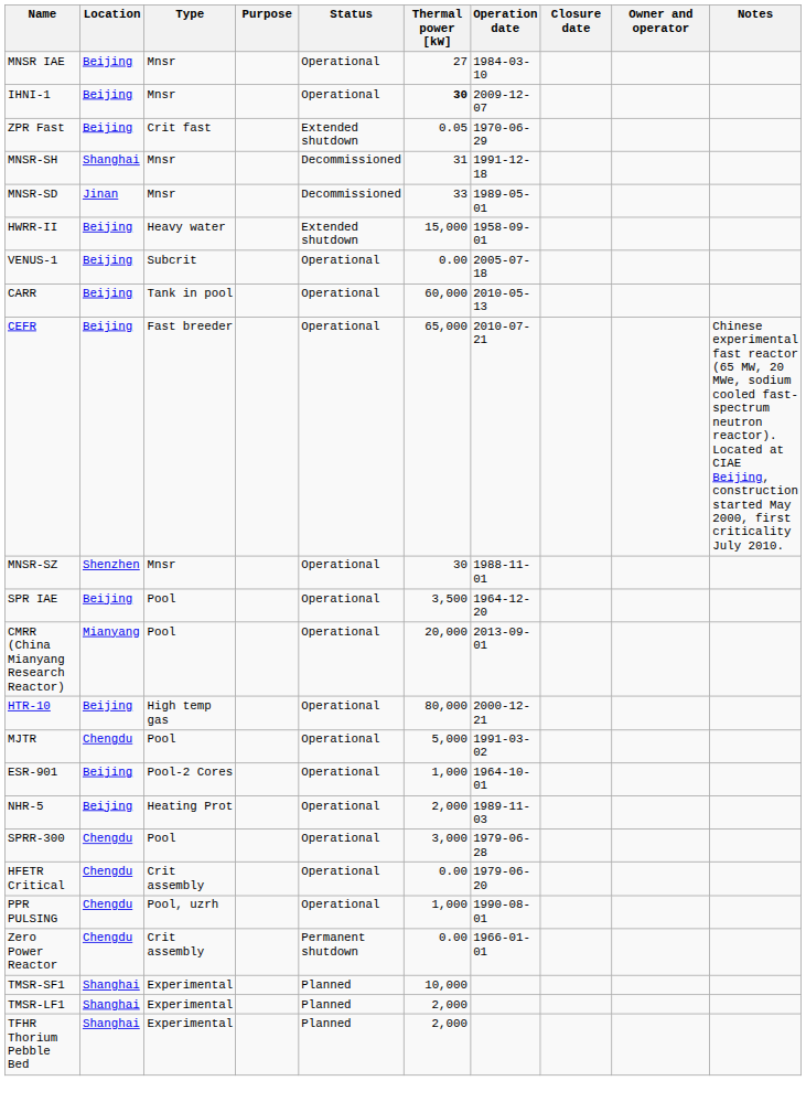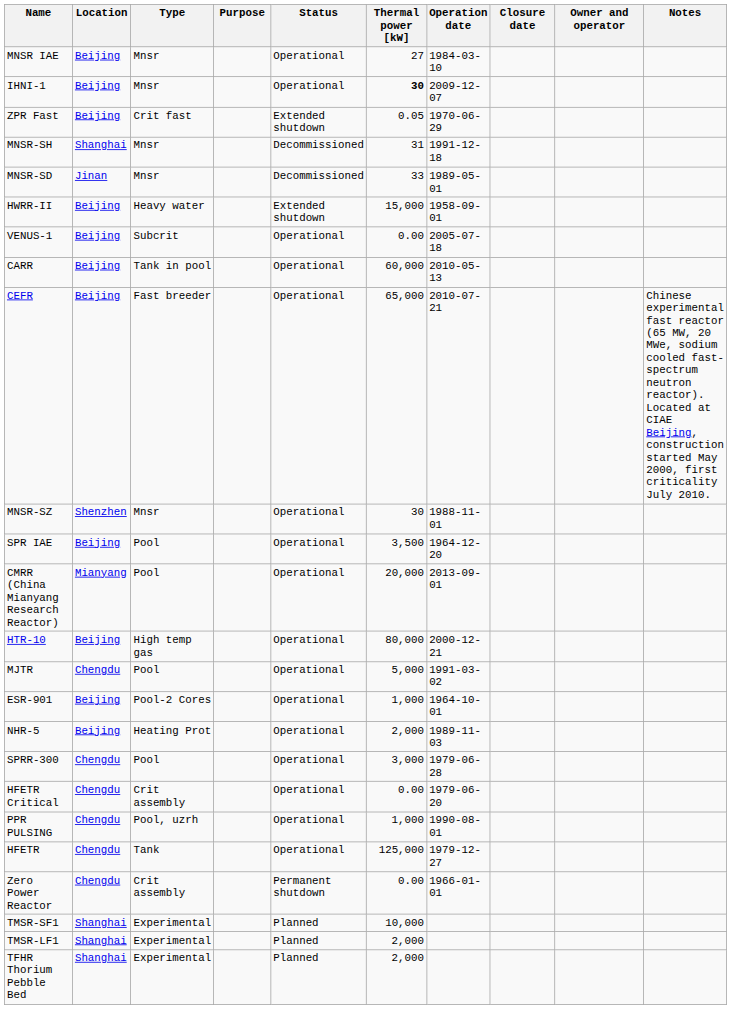 <table class="wikitable" >
 <tr valign="top">
 <th width="80">Name</th>
 <th width="65">Location</th>
 <th width="76">Type</th>
 <th width="65">Purpose</th>
 <th width="91">Status</th>
 <th width="70“">Thermal power [kW]</th>
 <th width=„67“>Operation date</th>
 <th width="78“">Closure date</th>
 <th width="113“">Owner and operator</th>
 <th width="65">Notes</th>
 </tr>
 <tr valign="top">
 <td>MNSR IAE</td>
 <td><a href='#'>Beijing</a></td>
 <td>Mnsr</td>
 <td></td>
 <td>Operational</td>
 <td align="right">27</td>
 <td>1984-03-10</td>
 <td></td>
 <td></td>
 <td></td>
 </tr>
 <tr valign="top">
 <td>IHNI-1</td>
 <td><a href='#'>Beijing</a></td>
 <td>Mnsr</td>
 <td></td>
 <td>Operational</td>
 <td align="right"><strong>30</strong></td>
 <td>2009-12-07</td>
 <td></td>
 <td></td>
 <td></td>
 </tr>
 <tr valign="top">
 <td>ZPR Fast</td>
 <td><a href='#'>Beijing</a></td>
 <td>Crit fast</td>
 <td></td>
 <td>Extended shutdown</td>
 <td align="right">0.05</td>
 <td>1970-06-29</td>
 <td></td>
 <td></td>
 <td></td>
 </tr>
 <tr valign="top">
 <td>MNSR-SH</td>
 <td><a href='#'>Shanghai</a></td>
 <td>Mnsr</td>
 <td></td>
 <td>Decommissioned</td>
 <td align="right">31</td>
 <td>1991-12-18</td>
 <td></td>
 <td></td>
 <td></td>
 </tr>
 <tr valign="top">
 <td>MNSR-SD</td>
 <td><a href='#'>Jinan</a></td>
 <td>Mnsr</td>
 <td></td>
 <td>Decommissioned</td>
 <td align="right">33</td>
 <td>1989-05-01</td>
 <td></td>
 <td></td>
 <td></td>
 </tr>
 <tr valign="top">
 <td>HWRR-II</td>
 <td><a href='#'>Beijing</a></td>
 <td>Heavy water</td>
 <td></td>
 <td>Extended shutdown</td>
 <td align="right">15,000</td>
 <td>1958-09-01</td>
 <td></td>
 <td></td>
 <td></td>
 </tr>
 <tr valign="top">
 <td>VENUS-1</td>
 <td><a href='#'>Beijing</a></td>
 <td>Subcrit</td>
 <td></td>
 <td>Operational</td>
 <td align="right">0.00</td>
 <td>2005-07-18</td>
 <td></td>
 <td></td>
 <td></td>
 </tr>
 <tr valign="top">
 <td>CARR</td>
 <td><a href='#'>Beijing</a></td>
 <td>Tank in pool</td>
 <td></td>
 <td>Operational</td>
 <td align="right">60,000</td>
 <td>2010-05-13</td>
 <td></td>
 <td></td>
 <td></td>
 </tr>
 <tr valign="top">
 <td><a href='#'>CEFR</a></td>
 <td><a href='#'>Beijing</a></td>
 <td>Fast breeder</td>
 <td></td>
 <td>Operational</td>
 <td align="right">65,000</td>
 <td>2010-07-21</td>
 <td></td>
 <td></td>
 <td align="left">Chinese experimental fast reactor (65 MW, 20 MWe, sodium cooled fast-spectrum neutron reactor). Located at CIAE <a href='#'>Beijing</a>, construction started May 2000, first criticality July 2010.</td>
 </tr>
 <tr valign="top">
 <td>MNSR-SZ</td>
 <td><a href='#'>Shenzhen</a></td>
 <td>Mnsr</td>
 <td></td>
 <td>Operational</td>
 <td align="right">30</td>
 <td>1988-11-01</td>
 <td></td>
 <td></td>
 <td></td>
 </tr>
 <tr valign="top">
 <td>SPR IAE</td>
 <td><a href='#'>Beijing</a></td>
 <td>Pool</td>
 <td></td>
 <td>Operational</td>
 <td align="right">3,500</td>
 <td>1964-12-20</td>
 <td></td>
 <td></td>
 <td></td>
 </tr>
 <tr valign="top">
 <td>CMRR (China Mianyang Research Reactor)</td>
 <td><a href='#'>Mianyang</a></td>
 <td>Pool</td>
 <td></td>
 <td>Operational</td>
 <td align="right">20,000</td>
 <td>2013-09-01</td>
 <td></td>
 <td></td>
 <td></td>
 </tr>
 <tr valign="top">
 <td><a href='#'>HTR-10</a></td>
 <td><a href='#'>Beijing</a></td>
 <td>High temp gas</td>
 <td></td>
 <td>Operational</td>
 <td align="right">80,000</td>
 <td>2000-12-21</td>
 <td></td>
 <td></td>
 <td></td>
 </tr>
 <tr valign="top">
 <td>MJTR</td>
 <td><a href='#'>Chengdu</a></td>
 <td>Pool</td>
 <td></td>
 <td>Operational</td>
 <td align="right">5,000</td>
 <td>1991-03-02</td>
 <td></td>
 <td></td>
 <td></td>
 </tr>
 <tr valign="top">
 <td>ESR-901</td>
 <td><a href='#'>Beijing</a></td>
 <td>Pool-2 Cores</td>
 <td></td>
 <td>Operational</td>
 <td align="right">1,000</td>
 <td>1964-10-01</td>
 <td></td>
 <td></td>
 <td></td>
 </tr>
 <tr valign="top">
 <td>NHR-5</td>
 <td><a href='#'>Beijing</a></td>
 <td>Heating Prot</td>
 <td></td>
 <td>Operational</td>
 <td align="right">2,000</td>
 <td>1989-11-03</td>
 <td></td>
 <td></td>
 <td></td>
 </tr>
 <tr valign="top">
 <td>SPRR-300</td>
 <td><a href='#'>Chengdu</a></td>
 <td>Pool</td>
 <td></td>
 <td>Operational</td>
 <td align="right">3,000</td>
 <td>1979-06-28</td>
 <td></td>
 <td></td>
 <td></td>
 </tr>
 <tr valign="top">
 <td>HFETR Critical</td>
 <td><a href='#'>Chengdu</a></td>
 <td>Crit assembly</td>
 <td></td>
 <td>Operational</td>
 <td align="right">0.00</td>
 <td>1979-06-20</td>
 <td></td>
 <td></td>
 <td></td>
 </tr>
 <tr valign="top">
 <td>PPR PULSING</td>
 <td><a href='#'>Chengdu</a></td>
 <td>Pool, uzrh</td>
 <td></td>
 <td>Operational</td>
 <td align="right">1,000</td>
 <td>1990-08-01</td>
 <td></td>
 <td></td>
 <td></td>
 </tr>
 <tr valign="top">
+<td>HFETR</td>
+<td><a href='#'>Chengdu</a></td>
+<td>Tank</td>
+<td></td>
+<td>Operational</td>
+<td align="right">125,000</td>
+<td>1979-12-27</td>
+<td></td>
+<td></td>
+<td></td>
+</tr>
+<tr valign="top">
 <td>Zero Power Reactor</td>
 <td><a href='#'>Chengdu</a></td>
 <td>Crit assembly</td>
 <td></td>
 <td>Permanent shutdown</td>
 <td align="right">0.00</td>
 <td>1966-01-01</td>
 <td></td>
 <td></td>
 <td></td>
 </tr>
 <tr valign="top">
 <td>TMSR-SF1</td>
 <td><a href='#'>Shanghai</a></td>
 <td>Experimental</td>
 <td></td>
 <td>Planned</td>
 <td align="right">10,000</td>
 <td> </td>
 <td></td>
 <td></td>
 <td></td>
 </tr>
 <tr valign="top">
 <td>TMSR-LF1</td>
 <td><a href='#'>Shanghai</a></td>
 <td>Experimental</td>
 <td></td>
 <td>Planned</td>
 <td align="right">2,000</td>
 <td> </td>
 <td></td>
 <td></td>
 <td></td>
 </tr>
 <tr valign="top">
 <td>TFHR Thorium Pebble Bed</td>
 <td><a href='#'>Shanghai</a></td>
 <td>Experimental</td>
 <td></td>
 <td>Planned</td>
 <td align="right">2,000</td>
 <td> </td>
 <td></td>
 <td></td>
 <td></td>
 </tr>
 </table>
